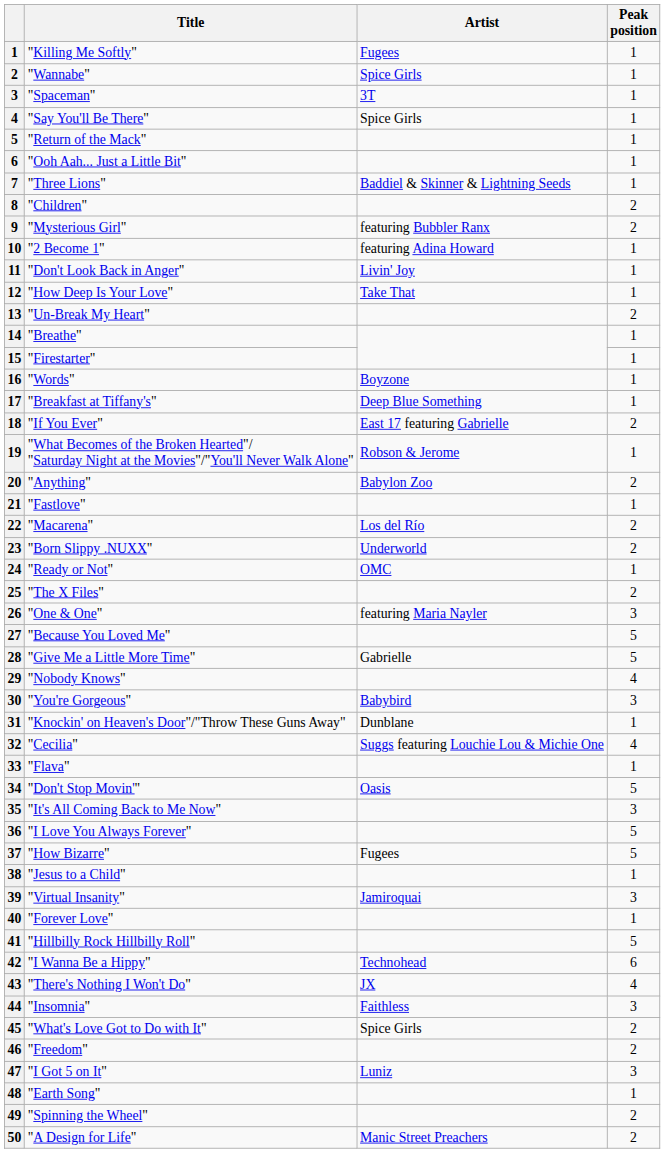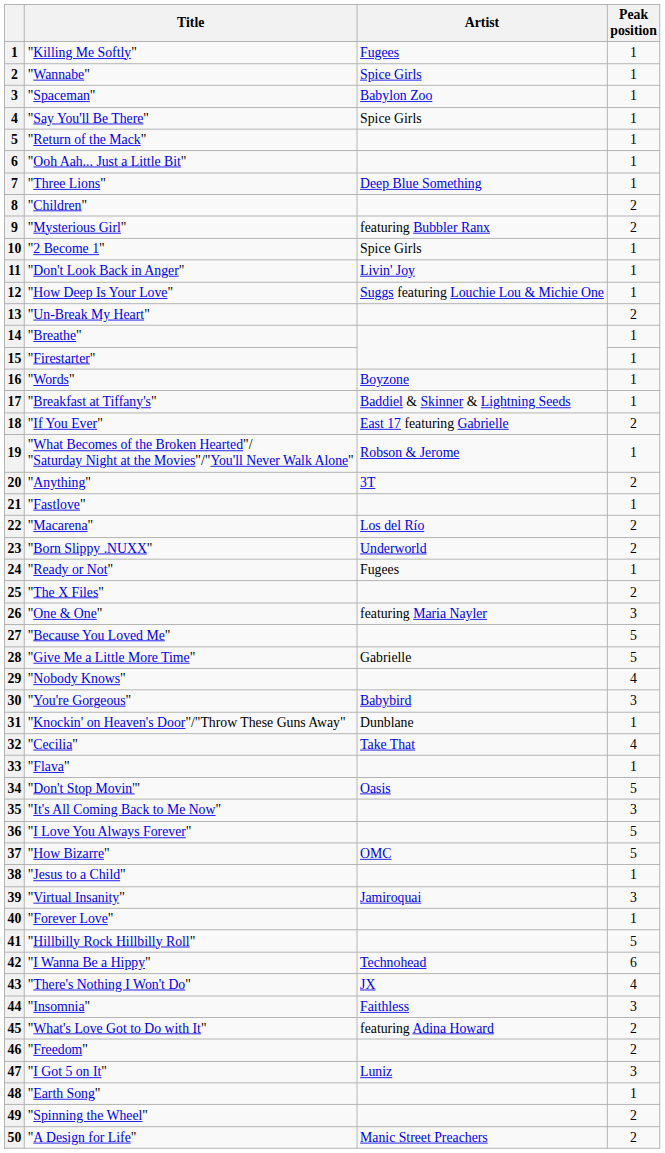 <table class="wikitable sortable plainrowheaders">
 <tr>
 <th scope=col></th>
 <th scope=col>Title</th>
 <th scope=col>Artist</th>
 <th scope=col>Peak<br>position</th>
 </tr>
 <tr>
 <th scope=row style="text-align:center;">1</th>
 <td>"<a href='#'>Killing Me Softly</a>"</td>
 <td><a href='#'>Fugees</a></td>
 <td align="center">1</td>
 </tr>
 <tr>
 <th scope=row style="text-align:center;">2</th>
 <td>"<a href='#'>Wannabe</a>"</td>
 <td><a href='#'>Spice Girls</a></td>
 <td align="center">1</td>
 </tr>
 <tr>
 <th scope=row style="text-align:center;">3</th>
 <td>"<a href='#'>Spaceman</a>"</td>
-<td><a href='#'>3T</a></td>
+<td><a href='#'>Babylon Zoo</a></td>
 <td align="center">1</td>
 </tr>
 <tr>
 <th scope=row style="text-align:center;">4</th>
 <td>"<a href='#'>Say You'll Be There</a>"</td>
 <td>Spice Girls</td>
 <td align="center">1</td>
 </tr>
 <tr>
 <th scope=row style="text-align:center;">5</th>
 <td>"<a href='#'>Return of the Mack</a>"</td>
 <td></td>
 <td align="center">1</td>
 </tr>
 <tr>
 <th scope=row style="text-align:center;">6</th>
 <td>"<a href='#'>Ooh Aah... Just a Little Bit</a>"</td>
 <td></td>
 <td align="center">1</td>
 </tr>
 <tr>
 <th scope=row style="text-align:center;">7</th>
 <td>"<a href='#'>Three Lions</a>"</td>
-<td><a href='#'>Baddiel</a> & <a href='#'>Skinner</a> & <a href='#'>Lightning Seeds</a></td>
+<td><a href='#'>Deep Blue Something</a></td>
 <td align="center">1</td>
 </tr>
 <tr>
 <th scope=row style="text-align:center;">8</th>
 <td>"<a href='#'>Children</a>"</td>
 <td></td>
 <td align="center">2</td>
 </tr>
 <tr>
 <th scope=row style="text-align:center;">9</th>
 <td>"<a href='#'>Mysterious Girl</a>"</td>
 <td> featuring <a href='#'>Bubbler Ranx</a></td>
 <td align="center">2</td>
 </tr>
 <tr>
 <th scope=row style="text-align:center;">10</th>
 <td>"<a href='#'>2 Become 1</a>"</td>
-<td> featuring <a href='#'>Adina Howard</a></td>
+<td>Spice Girls</td>
 <td align="center">1</td>
 </tr>
 <tr>
 <th scope=row style="text-align:center;">11</th>
 <td>"<a href='#'>Don't Look Back in Anger</a>"</td>
 <td><a href='#'>Livin' Joy</a></td>
 <td align="center">1</td>
 </tr>
 <tr>
 <th scope=row style="text-align:center;">12</th>
 <td>"<a href='#'>How Deep Is Your Love</a>"</td>
-<td><a href='#'>Take That</a></td>
+<td><a href='#'>Suggs</a> featuring <a href='#'>Louchie Lou & Michie One</a></td>
 <td align="center">1</td>
 </tr>
 <tr>
 <th scope=row style="text-align:center;">13</th>
 <td>"<a href='#'>Un-Break My Heart</a>"</td>
 <td></td>
 <td align="center">2</td>
 </tr>
 <tr>
 <th scope=row style="text-align:center;">14</th>
 <td>"<a href='#'>Breathe</a>"</td>
 <td rowspan="2"></td>
 <td align="center">1</td>
 </tr>
 <tr>
 <th scope=row style="text-align:center;">15</th>
 <td>"<a href='#'>Firestarter</a>"</td>
 <td align="center">1</td>
 </tr>
 <tr>
 <th scope=row style="text-align:center;">16</th>
 <td>"<a href='#'>Words</a>"</td>
 <td><a href='#'>Boyzone</a></td>
 <td align="center">1</td>
 </tr>
 <tr>
 <th scope=row style="text-align:center;">17</th>
 <td>"<a href='#'>Breakfast at Tiffany's</a>"</td>
-<td><a href='#'>Deep Blue Something</a></td>
+<td><a href='#'>Baddiel</a> & <a href='#'>Skinner</a> & <a href='#'>Lightning Seeds</a></td>
 <td align="center">1</td>
 </tr>
 <tr>
 <th scope=row style="text-align:center;">18</th>
 <td>"<a href='#'>If You Ever</a>"</td>
 <td><a href='#'>East 17</a> featuring <a href='#'>Gabrielle</a></td>
 <td align="center">2</td>
 </tr>
 <tr>
 <th scope=row style="text-align:center;">19</th>
 <td>"<a href='#'>What Becomes of the Broken Hearted</a>"/<br>"<a href='#'>Saturday Night at the Movies</a>"/"<a href='#'>You'll Never Walk Alone</a>"</td>
 <td><a href='#'>Robson & Jerome</a></td>
 <td align="center">1</td>
 </tr>
 <tr>
 <th scope=row style="text-align:center;">20</th>
 <td>"<a href='#'>Anything</a>"</td>
-<td><a href='#'>Babylon Zoo</a></td>
+<td><a href='#'>3T</a></td>
 <td align="center">2</td>
 </tr>
 <tr>
 <th scope=row style="text-align:center;">21</th>
 <td>"<a href='#'>Fastlove</a>"</td>
 <td></td>
 <td align="center">1</td>
 </tr>
 <tr>
 <th scope=row style="text-align:center;">22</th>
 <td>"<a href='#'>Macarena</a>"</td>
 <td><a href='#'>Los del Río</a></td>
 <td align="center">2</td>
 </tr>
 <tr>
 <th scope=row style="text-align:center;">23</th>
 <td>"<a href='#'>Born Slippy .NUXX</a>"</td>
 <td><a href='#'>Underworld</a></td>
 <td align="center">2</td>
 </tr>
 <tr>
 <th scope=row style="text-align:center;">24</th>
 <td>"<a href='#'>Ready or Not</a>"</td>
-<td><a href='#'>OMC</a></td>
+<td>Fugees</td>
 <td align="center">1</td>
 </tr>
 <tr>
 <th scope=row style="text-align:center;">25</th>
 <td>"<a href='#'>The X Files</a>"</td>
 <td></td>
 <td align="center">2</td>
 </tr>
 <tr>
 <th scope=row style="text-align:center;">26</th>
 <td>"<a href='#'>One & One</a>"</td>
 <td> featuring <a href='#'>Maria Nayler</a></td>
 <td align="center">3</td>
 </tr>
 <tr>
 <th scope=row style="text-align:center;">27</th>
 <td>"<a href='#'>Because You Loved Me</a>"</td>
 <td></td>
 <td align="center">5</td>
 </tr>
 <tr>
 <th scope=row style="text-align:center;">28</th>
 <td>"<a href='#'>Give Me a Little More Time</a>"</td>
 <td>Gabrielle</td>
 <td align="center">5</td>
 </tr>
 <tr>
 <th scope=row style="text-align:center;">29</th>
 <td>"<a href='#'>Nobody Knows</a>"</td>
 <td></td>
 <td align="center">4</td>
 </tr>
 <tr>
 <th scope=row style="text-align:center;">30</th>
 <td>"<a href='#'>You're Gorgeous</a>"</td>
 <td><a href='#'>Babybird</a></td>
 <td align="center">3</td>
 </tr>
 <tr>
 <th scope=row style="text-align:center;">31</th>
 <td>"<a href='#'>Knockin' on Heaven's Door</a>"/"Throw These Guns Away"</td>
 <td>Dunblane</td>
 <td align="center">1</td>
 </tr>
 <tr>
 <th scope=row style="text-align:center;">32</th>
 <td>"<a href='#'>Cecilia</a>"</td>
-<td><a href='#'>Suggs</a> featuring <a href='#'>Louchie Lou & Michie One</a></td>
+<td><a href='#'>Take That</a></td>
 <td align="center">4</td>
 </tr>
 <tr>
 <th scope=row style="text-align:center;">33</th>
 <td>"<a href='#'>Flava</a>"</td>
 <td></td>
 <td align="center">1</td>
 </tr>
 <tr>
 <th scope=row style="text-align:center;">34</th>
 <td>"<a href='#'>Don't Stop Movin'</a>"</td>
 <td><a href='#'>Oasis</a></td>
 <td align="center">5</td>
 </tr>
 <tr>
 <th scope=row style="text-align:center;">35</th>
 <td>"<a href='#'>It's All Coming Back to Me Now</a>"</td>
 <td></td>
 <td align="center">3</td>
 </tr>
 <tr>
 <th scope=row style="text-align:center;">36</th>
 <td>"<a href='#'>I Love You Always Forever</a>"</td>
 <td></td>
 <td align="center">5</td>
 </tr>
 <tr>
 <th scope=row style="text-align:center;">37</th>
 <td>"<a href='#'>How Bizarre</a>"</td>
-<td>Fugees</td>
+<td><a href='#'>OMC</a></td>
 <td align="center">5</td>
 </tr>
 <tr>
 <th scope=row style="text-align:center;">38</th>
 <td>"<a href='#'>Jesus to a Child</a>"</td>
 <td></td>
 <td align="center">1</td>
 </tr>
 <tr>
 <th scope=row style="text-align:center;">39</th>
 <td>"<a href='#'>Virtual Insanity</a>"</td>
 <td><a href='#'>Jamiroquai</a></td>
 <td align="center">3</td>
 </tr>
 <tr>
 <th scope=row style="text-align:center;">40</th>
 <td>"<a href='#'>Forever Love</a>"</td>
 <td></td>
 <td align="center">1</td>
 </tr>
 <tr>
 <th scope=row style="text-align:center;">41</th>
 <td>"<a href='#'>Hillbilly Rock Hillbilly Roll</a>"</td>
 <td></td>
 <td align="center">5</td>
 </tr>
 <tr>
 <th scope=row style="text-align:center;">42</th>
 <td>"<a href='#'>I Wanna Be a Hippy</a>"</td>
 <td><a href='#'>Technohead</a></td>
 <td align="center">6</td>
 </tr>
 <tr>
 <th scope=row style="text-align:center;">43</th>
 <td>"<a href='#'>There's Nothing I Won't Do</a>"</td>
 <td><a href='#'>JX</a></td>
 <td align="center">4</td>
 </tr>
 <tr>
 <th scope=row style="text-align:center;">44</th>
 <td>"<a href='#'>Insomnia</a>"</td>
 <td><a href='#'>Faithless</a></td>
 <td align="center">3</td>
 </tr>
 <tr>
 <th scope=row style="text-align:center;">45</th>
 <td>"<a href='#'>What's Love Got to Do with It</a>"</td>
-<td>Spice Girls</td>
+<td> featuring <a href='#'>Adina Howard</a></td>
 <td align="center">2</td>
 </tr>
 <tr>
 <th scope=row style="text-align:center;">46</th>
 <td>"<a href='#'>Freedom</a>"</td>
 <td></td>
 <td align="center">2</td>
 </tr>
 <tr>
 <th scope=row style="text-align:center;">47</th>
 <td>"<a href='#'>I Got 5 on It</a>"</td>
 <td><a href='#'>Luniz</a></td>
 <td align="center">3</td>
 </tr>
 <tr>
 <th scope=row style="text-align:center;">48</th>
 <td>"<a href='#'>Earth Song</a>"</td>
 <td></td>
 <td align="center">1</td>
 </tr>
 <tr>
 <th scope=row style="text-align:center;">49</th>
 <td>"<a href='#'>Spinning the Wheel</a>"</td>
 <td></td>
 <td align="center">2</td>
 </tr>
 <tr>
 <th scope=row style="text-align:center;">50</th>
 <td>"<a href='#'>A Design for Life</a>"</td>
 <td><a href='#'>Manic Street Preachers</a></td>
 <td align="center">2</td>
 </tr>
 </table>
